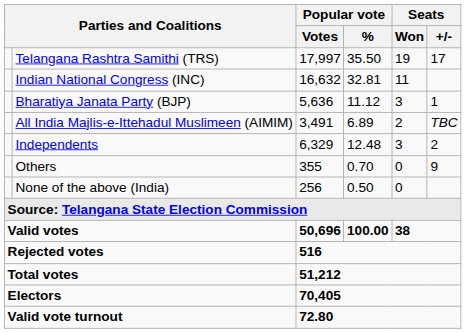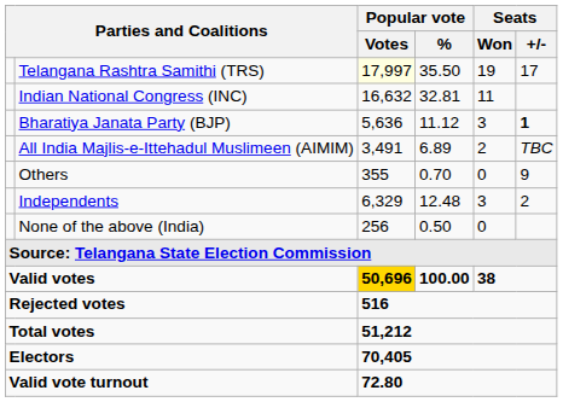 <table class="wikitable sortable">
 <tr>
 <th colspan="2" rowspan="2" width="150">Parties and Coalitions</th>
 <th colspan="2">Popular vote</th>
 <th colspan="2">Seats</th>
 </tr>
 <tr>
 <th>Votes</th>
 <th>%</th>
 <th>Won</th>
 <th>+/-</th>
 </tr>
 <tr>
 <td style="color:inherit;background:"></td>
 <td align="left"><a href='#'>Telangana Rashtra Samithi</a> (TRS)</td>
-<td>17,997</td>
+<td style="background: lightyellow;">17,997</td>
 <td>35.50</td>
 <td>19</td>
 <td> 17</td>
 </tr>
 <tr>
 <td width="2" style="color:inherit;background:"></td>
 <td align="left"><a href='#'>Indian National Congress</a> (INC)</td>
 <td>16,632</td>
 <td>32.81</td>
 <td>11</td>
 <td></td>
 </tr>
 <tr>
 <td style="color:inherit;background:"></td>
 <td align="left"><a href='#'>Bharatiya Janata Party</a> (BJP)</td>
 <td>5,636</td>
 <td>11.12</td>
 <td>3</td>
-<td> 1</td>
+<td><strong> 1</strong></td>
 </tr>
 <tr>
 <td style="color:inherit;background:"></td>
 <td align="left"><a href='#'>All India Majlis-e-Ittehadul Muslimeen</a> (AIMIM)</td>
 <td>3,491</td>
 <td>6.89</td>
 <td>2</td>
 <td><em>TBC</em></td>
 </tr>
 <tr>
 <td style="color:inherit;background:"></td>
+<td align="left">Others</td>
+<td>355</td>
+<td>0.70</td>
+<td>0</td>
+<td> 9</td>
+</tr>
+<tr>
+<td style="color:inherit;background:"></td>
 <td align="left"><a href='#'>Independents</a></td>
 <td>6,329</td>
 <td>12.48</td>
 <td>3</td>
 <td> 2</td>
-</tr>
-<tr>
-<td style="color:inherit;background:"></td>
-<td align="left">Others</td>
-<td>355</td>
-<td>0.70</td>
-<td>0</td>
-<td> 9</td>
 </tr>
 <tr>
 <td style="color:inherit;background:"></td>
 <td align="left">None of the above (India)</td>
 <td>256</td>
 <td>0.50</td>
 <td>0</td>
 <td></td>
 </tr>
 <tr>
 <td colspan="6" bgcolor="#E9E9E9"><strong>Source: <a href='#'>Telangana State Election Commission</a></strong></td>
 </tr>
 <tr style="font-weight:bold;">
 <td colspan="2" align="left">Valid votes</td>
-<td>50,696</td>
+<td style="background: gold;">50,696</td>
 <td>100.00</td>
 <td colspan="2"><strong>38</strong></td>
 </tr>
 <tr>
 <td colspan="2"><strong>Rejected votes</strong></td>
 <td colspan="4"><strong>516</strong></td>
 </tr>
 <tr>
 <td colspan="2"><strong>Total votes</strong></td>
 <td colspan="4"><strong>51,212</strong></td>
 </tr>
 <tr>
 <td colspan="2"><strong>Electors</strong></td>
 <td colspan="4"><strong>70,405</strong></td>
 </tr>
 <tr>
 <td colspan="2"><strong>Valid vote turnout</strong></td>
 <td colspan="4"><strong>72.80</strong></td>
 </tr>
 </table>
